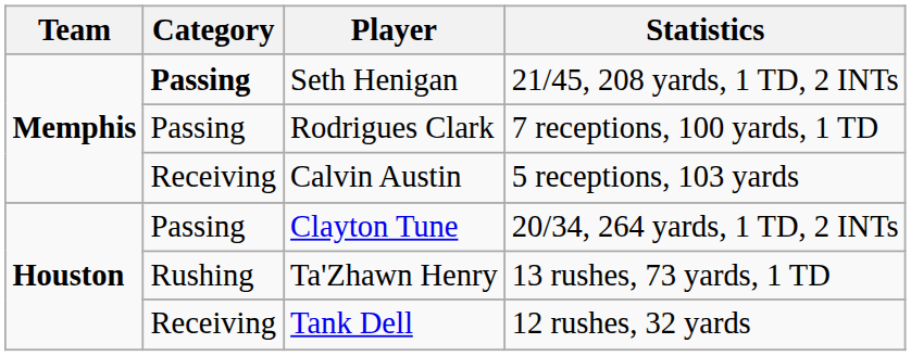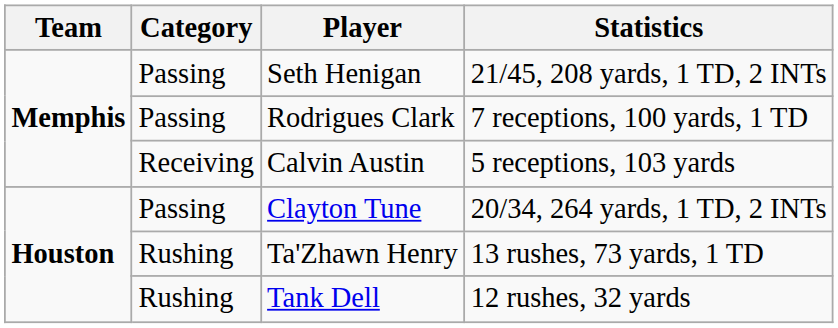 <table class="wikitable" style="float: left;">
 <tr>
 <th>Team</th>
 <th>Category</th>
 <th>Player</th>
 <th>Statistics</th>
 </tr>
 <tr>
 <td rowspan=3><strong>Memphis</strong></td>
-<td><strong>Passing</strong></td>
+<td>Passing</td>
 <td>Seth Henigan</td>
 <td>21/45, 208 yards, 1 TD, 2 INTs</td>
 </tr>
 <tr>
 <td>Passing</td>
 <td>Rodrigues Clark</td>
 <td>7 receptions, 100 yards, 1 TD</td>
 </tr>
 <tr>
 <td>Receiving</td>
 <td>Calvin Austin</td>
 <td>5 receptions, 103 yards</td>
 </tr>
 <tr>
 <td rowspan=3><strong>Houston</strong></td>
 <td>Passing</td>
 <td><a href='#'>Clayton Tune</a></td>
 <td>20/34, 264 yards, 1 TD, 2 INTs</td>
 </tr>
 <tr>
 <td>Rushing</td>
 <td>Ta'Zhawn Henry</td>
 <td>13 rushes, 73 yards, 1 TD</td>
 </tr>
 <tr>
-<td>Receiving</td>
+<td>Rushing</td>
 <td><a href='#'>Tank Dell</a></td>
 <td>12 rushes, 32 yards</td>
 </tr>
 </table>
